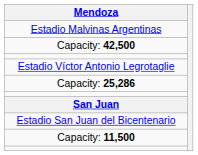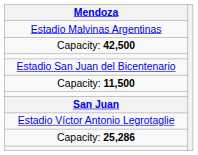 <table class=wikitable style="text-align:center">
 <tr>
 <th width=275><a href='#'>Mendoza</a></th>
 <th rowspan=16><br></th>
 </tr>
 <tr>
 <td><a href='#'>Estadio Malvinas Argentinas</a></td>
 </tr>
 <tr>
 <td>Capacity: <strong>42,500</strong></td>
 </tr>
 <tr>
 <td></td>
 </tr>
 <tr>
+<td><a href='#'>Estadio San Juan del Bicentenario</a></td>
+</tr>
+<tr>
+<td>Capacity: <strong>11,500</strong></td>
+</tr>
+<tr>
+<td></td>
+</tr>
+<tr>
+<th><a href='#'>San Juan</a></th>
+</tr>
+<tr>
 <td><a href='#'>Estadio Víctor Antonio Legrotaglie</a></td>
 </tr>
 <tr>
 <td>Capacity: <strong>25,286</strong></td>
 </tr>
 <tr>
 <td></td>
 </tr>
-<tr>
-<th><a href='#'>San Juan</a></th>
-</tr>
-<tr>
-<td><a href='#'>Estadio San Juan del Bicentenario</a></td>
-</tr>
-<tr>
-<td>Capacity: <strong>11,500</strong></td>
-</tr>
-<tr>
-<td></td>
-</tr>
 </table>
